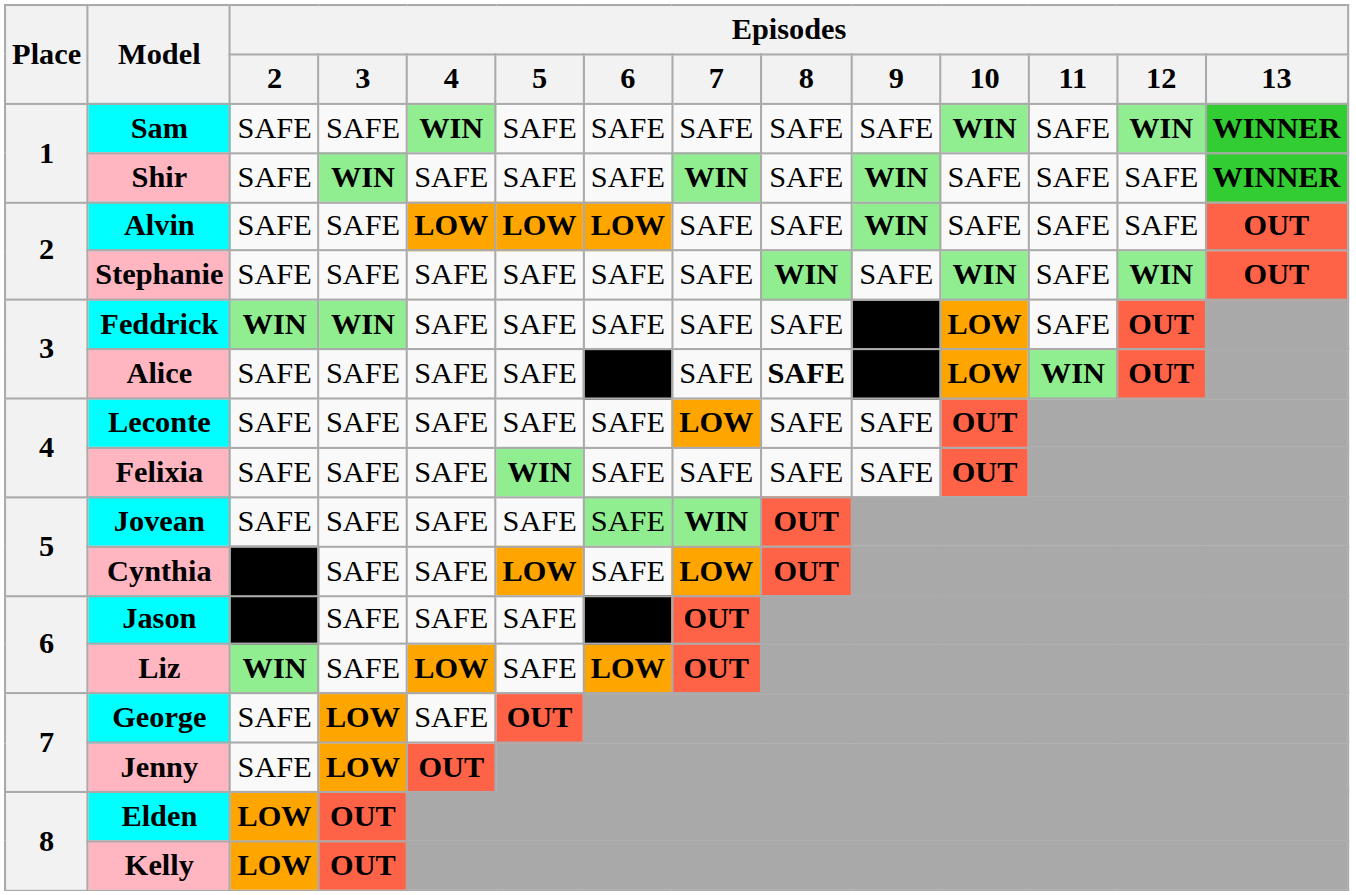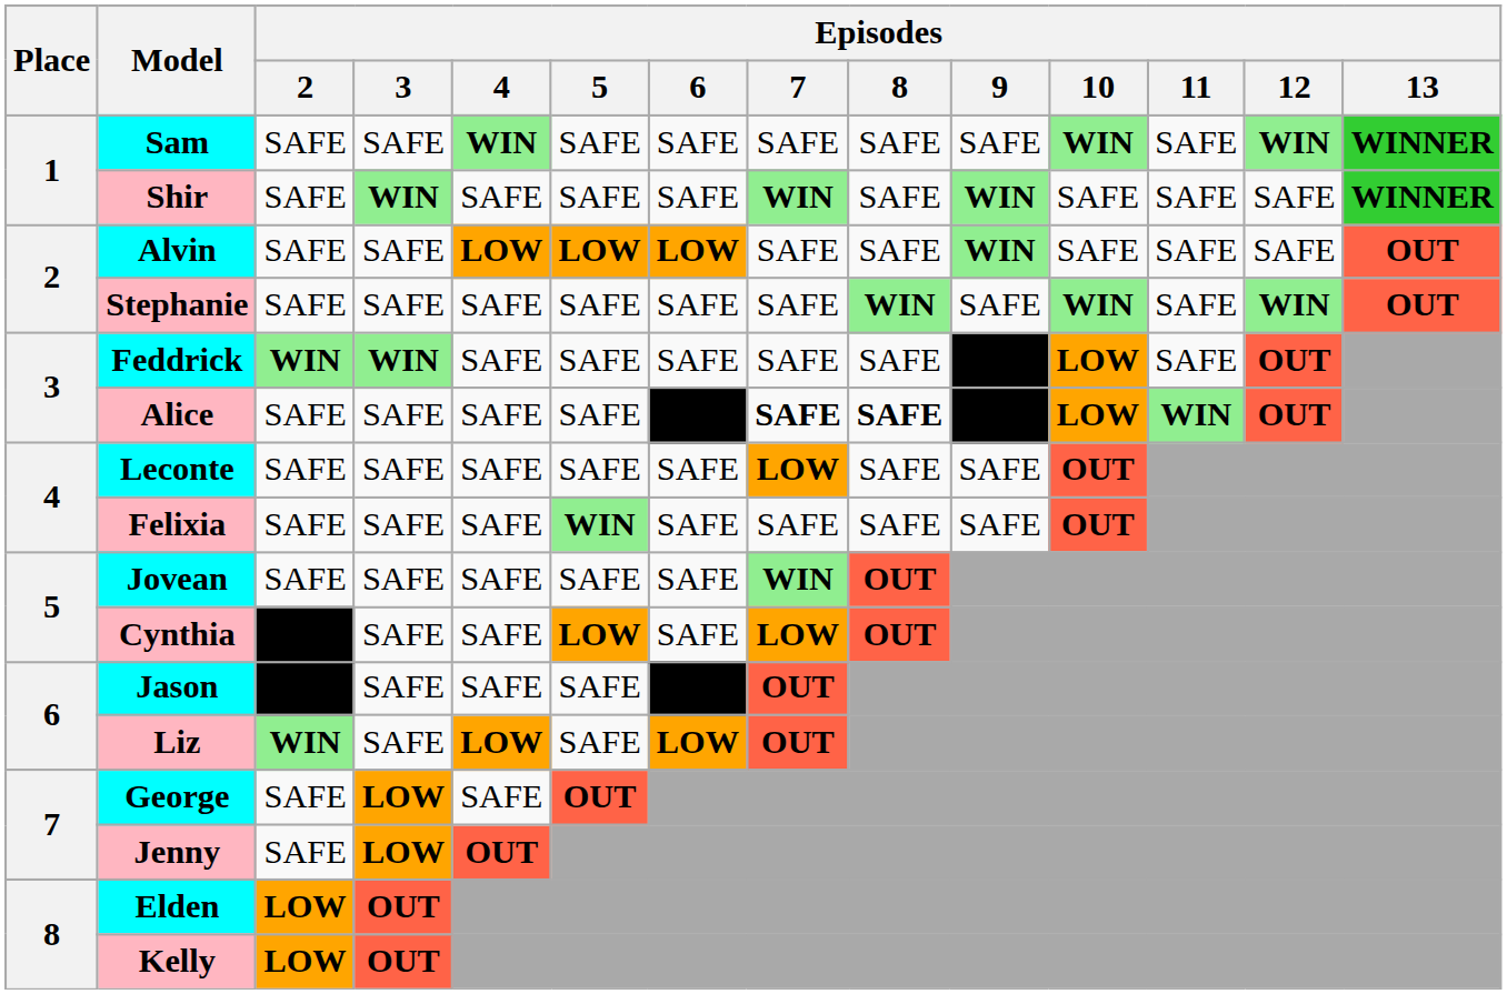 <table class="wikitable" style="text-align:center; font-size:92%">
 <tr>
 <th rowspan="2">Place</th>
 <th rowspan="2">Model</th>
 <th colspan="12">Episodes</th>
 </tr>
 <tr>
 <th>2</th>
 <th>3</th>
 <th>4</th>
 <th>5</th>
 <th>6</th>
 <th>7</th>
 <th>8</th>
 <th>9</th>
 <th>10</th>
 <th>11</th>
 <th>12</th>
 <th>13</th>
 </tr>
 <tr>
 <th rowspan=2>1</th>
 <th style="background:cyan;">Sam</th>
 <td>SAFE</td>
 <td>SAFE</td>
 <td style="background:lightgreen;"><strong>WIN</strong></td>
 <td>SAFE</td>
 <td>SAFE</td>
 <td>SAFE</td>
 <td>SAFE</td>
 <td>SAFE</td>
 <td style="background:lightgreen;"><strong>WIN</strong></td>
 <td>SAFE</td>
 <td style="background:lightgreen;"><strong>WIN</strong></td>
 <td style="background:limegreen;"><strong>WINNER</strong></td>
 </tr>
 <tr>
 <th style="background:lightpink;">Shir</th>
 <td>SAFE</td>
 <td style="background:lightgreen;"><strong>WIN</strong></td>
 <td>SAFE</td>
 <td>SAFE</td>
 <td>SAFE</td>
 <td style="background:lightgreen;"><strong>WIN</strong></td>
 <td>SAFE</td>
 <td style="background:lightgreen;"><strong>WIN</strong></td>
 <td>SAFE</td>
 <td>SAFE</td>
 <td>SAFE</td>
 <td style="background:limegreen;"><strong>WINNER</strong></td>
 </tr>
 <tr>
 <th rowspan=2>2</th>
 <th style="background:cyan;">Alvin</th>
 <td>SAFE</td>
 <td>SAFE</td>
 <td style="background:orange;"><strong>LOW</strong></td>
 <td style="background:orange;"><strong>LOW</strong></td>
 <td style="background:orange;"><strong>LOW</strong></td>
 <td>SAFE</td>
 <td>SAFE</td>
 <td style="background:lightgreen;"><strong>WIN</strong></td>
 <td>SAFE</td>
 <td>SAFE</td>
 <td>SAFE</td>
 <td style="background:tomato;"><strong>OUT</strong></td>
 </tr>
 <tr>
 <th style="background:lightpink;">Stephanie</th>
 <td>SAFE</td>
 <td>SAFE</td>
 <td>SAFE</td>
 <td>SAFE</td>
 <td>SAFE</td>
 <td>SAFE</td>
 <td style="background:lightgreen;"><strong>WIN</strong></td>
 <td>SAFE</td>
 <td style="background:lightgreen;"><strong>WIN</strong></td>
 <td>SAFE</td>
 <td style="background:lightgreen;"><strong>WIN</strong></td>
 <td style="background:tomato;"><strong>OUT</strong></td>
 </tr>
 <tr>
 <th rowspan=2>3</th>
 <th style="background:cyan;">Feddrick</th>
 <td style="background:lightgreen;"><strong>WIN</strong></td>
 <td style="background:lightgreen;"><strong>WIN</strong></td>
 <td>SAFE</td>
 <td>SAFE</td>
 <td>SAFE</td>
 <td>SAFE</td>
 <td>SAFE</td>
 <td style="background:black;"><span>SPD</span></td>
 <td style="background:orange;"><strong>LOW</strong></td>
 <td>SAFE</td>
 <td style="background:tomato;"><strong>OUT</strong></td>
 <td style="background:darkgray;" colspan="1"></td>
 </tr>
 <tr>
 <th style="background:lightpink;">Alice</th>
 <td>SAFE</td>
 <td>SAFE</td>
 <td>SAFE</td>
 <td>SAFE</td>
 <td style="background:black;"><span>SPD</span></td>
-<td>SAFE</td>
+<td><strong>SAFE</strong></td>
 <td><strong>SAFE</strong></td>
 <td style="background:black;"><span>SPD</span></td>
 <td style="background:orange;"><strong>LOW</strong></td>
 <td style="background:lightgreen;"><strong>WIN</strong></td>
 <td style="background:tomato;"><strong>OUT</strong></td>
 <td style="background:darkgray;" colspan="1"></td>
 </tr>
 <tr>
 <th rowspan=2>4</th>
 <th style="background:cyan;">Leconte</th>
 <td>SAFE</td>
 <td>SAFE</td>
 <td>SAFE</td>
 <td>SAFE</td>
 <td>SAFE</td>
 <td style="background:orange;"><strong>LOW</strong></td>
 <td>SAFE</td>
 <td>SAFE</td>
 <td style="background:tomato;"><strong>OUT</strong></td>
 <td style="background:darkgray;" colspan="3"></td>
 </tr>
 <tr>
 <th style="background:lightpink;">Felixia</th>
 <td>SAFE</td>
 <td>SAFE</td>
 <td>SAFE</td>
 <td style="background:lightgreen;"><strong>WIN</strong></td>
 <td>SAFE</td>
 <td>SAFE</td>
 <td>SAFE</td>
 <td>SAFE</td>
 <td style="background:tomato;"><strong>OUT</strong></td>
 <td style="background:darkgray;" colspan="3"></td>
 </tr>
 <tr>
 <th rowspan=2>5</th>
 <th style="background:cyan;">Jovean</th>
 <td>SAFE</td>
 <td>SAFE</td>
 <td>SAFE</td>
 <td>SAFE</td>
-<td style="background: lightgreen;">SAFE</td>
+<td>SAFE</td>
 <td style="background:lightgreen;"><strong>WIN</strong></td>
 <td style="background:tomato;"><strong>OUT</strong></td>
 <td style="background:darkgray;" colspan="5"></td>
 </tr>
 <tr>
 <th style="background:lightpink;">Cynthia</th>
 <td style="background:black;"><span>SPD</span></td>
 <td>SAFE</td>
 <td>SAFE</td>
 <td style="background:orange;"><strong>LOW</strong></td>
 <td>SAFE</td>
 <td style="background:orange;"><strong>LOW</strong></td>
 <td style="background:tomato;"><strong>OUT</strong></td>
 <td style="background:darkgray;" colspan="5"></td>
 </tr>
 <tr>
 <th rowspan=2>6</th>
 <th style="background:cyan;">Jason</th>
 <td style="background:black;"><span>SPD</span></td>
 <td>SAFE</td>
 <td>SAFE</td>
 <td>SAFE</td>
 <td style="background:black;"><span>SPD</span></td>
 <td style="background:tomato;"><strong>OUT</strong></td>
 <td style="background:darkgray;" colspan="7"></td>
 </tr>
 <tr>
 <th style="background:lightpink;">Liz</th>
 <td style="background:lightgreen;"><strong>WIN</strong></td>
 <td>SAFE</td>
 <td style="background:orange;"><strong>LOW</strong></td>
 <td>SAFE</td>
 <td style="background:orange;"><strong>LOW</strong></td>
 <td style="background:tomato;"><strong>OUT</strong></td>
 <td style="background:darkgray;" colspan="6"></td>
 </tr>
 <tr>
 <th rowspan=2>7</th>
 <th style="background:cyan;">George</th>
 <td>SAFE</td>
 <td style="background:orange;"><strong>LOW</strong></td>
 <td>SAFE</td>
 <td style="background:tomato;"><strong>OUT</strong></td>
 <td style="background:darkgray;" colspan="9"></td>
 </tr>
 <tr>
 <th style="background:lightpink;">Jenny</th>
 <td>SAFE</td>
 <td style="background:orange;"><strong>LOW</strong></td>
 <td style="background:tomato;"><strong>OUT</strong></td>
 <td style="background:darkgray;" colspan="9"></td>
 </tr>
 <tr>
 <th rowspan=2>8</th>
 <th style="background:cyan;">Elden</th>
 <td style="background:orange;"><strong>LOW</strong></td>
 <td style="background:tomato;"><strong>OUT</strong></td>
 <td style="background:darkgray;" colspan="10"></td>
 </tr>
 <tr>
 <th style="background:lightpink;">Kelly</th>
 <td style="background:orange;"><strong>LOW</strong></td>
 <td style="background:tomato;"><strong>OUT</strong></td>
 <td style="background:darkgray;" colspan="10"></td>
 </tr>
 </table>
